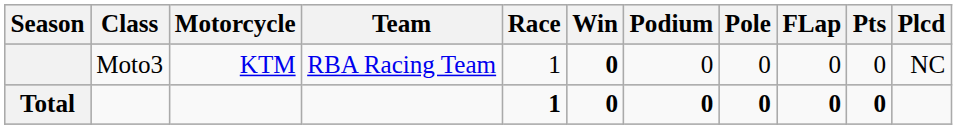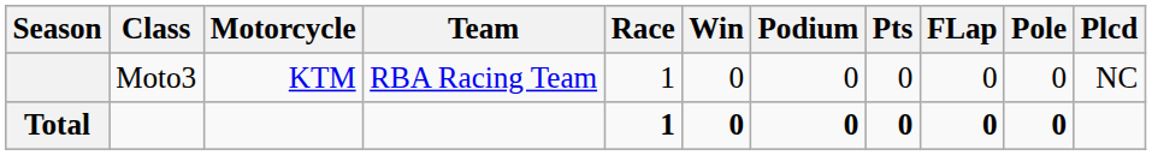 <table class="wikitable" style=text-align:right>
 <tr>
 <th>Season</th>
 <th>Class</th>
 <th>Motorcycle</th>
 <th>Team</th>
 <th>Race</th>
 <th>Win</th>
 <th>Podium</th>
+<th>Pts</th>
+<th>FLap</th>
 <th>Pole</th>
-<th>FLap</th>
-<th>Pts</th>
 <th>Plcd</th>
 </tr>
 <tr>
 <th></th>
 <td>Moto3</td>
 <td><a href='#'>KTM</a></td>
 <td><a href='#'>RBA Racing Team</a></td>
 <td>1</td>
-<td><strong>0</strong></td>
+<td>0</td>
 <td>0</td>
 <td>0</td>
 <td>0</td>
 <td>0</td>
 <td>NC</td>
 </tr>
 <tr>
 <th>Total</th>
 <td></td>
 <td></td>
 <td></td>
 <td><strong>1</strong></td>
 <td><strong>0</strong></td>
 <td><strong>0</strong></td>
 <td><strong>0</strong></td>
 <td><strong>0</strong></td>
 <td><strong>0</strong></td>
 <td></td>
 </tr>
 </table>
